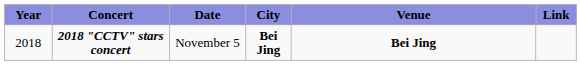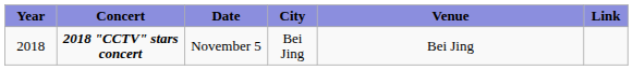 <table class="wikitable sortable mw-collapsible" width="80%" style="text-align:center">
 <tr align="center" style="background:#8B8EDE">
 <td style="width:2%"><strong>Year</strong></td>
 <td style="width:8%"><strong>Concert</strong></td>
 <td style="width:2%"><strong>Date</strong></td>
 <td style="width:2%"><strong>City</strong></td>
 <td style="width:18%"><strong>Venue</strong></td>
 <td style="width:1%"><strong>Link</strong></td>
 </tr>
 <tr>
 <td rowspan="2">2018</td>
 <td rowspan="2"><strong><em>2018 "CCTV" stars concert</em></strong></td>
 <td>November 5</td>
-<td><strong>Bei Jing</strong></td>
-<td><strong>Bei Jing</strong></td>
+<td>Bei Jing</td>
+<td>Bei Jing</td>
 <td></td>
 </tr>
 </table>
